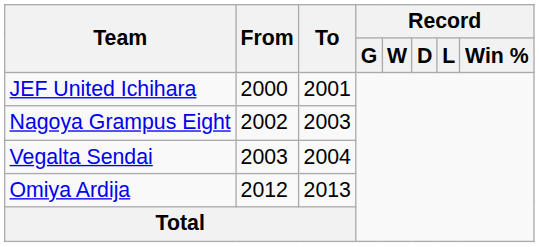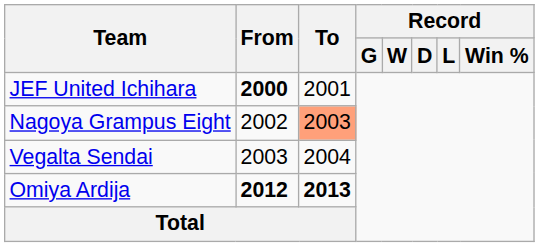 <table class="wikitable" style="text-align: center">
 <tr>
 <th rowspan="2">Team</th>
 <th rowspan="2">From</th>
 <th rowspan="2">To</th>
 <th colspan="5">Record</th>
 </tr>
 <tr>
 <th>G</th>
 <th>W</th>
 <th>D</th>
 <th>L</th>
 <th>Win %</th>
 </tr>
 <tr>
 <td align="left"><a href='#'>JEF United Ichihara</a></td>
-<td align="left">2000</td>
+<td align="left"><strong>2000</strong></td>
 <td align="left">2001<br></td>
 </tr>
 <tr>
 <td align="left"><a href='#'>Nagoya Grampus Eight</a></td>
 <td align="left">2002</td>
-<td align="left">2003<br></td>
+<td align="left" style="background: lightsalmon;">2003<br></td>
 </tr>
 <tr>
 <td align="left"><a href='#'>Vegalta Sendai</a></td>
 <td align="left">2003</td>
 <td align="left">2004<br></td>
 </tr>
 <tr>
 <td align="left"><a href='#'>Omiya Ardija</a></td>
-<td align="left">2012</td>
-<td align="left">2013<br></td>
+<td align="left"><strong>2012</strong></td>
+<td align="left"><strong>2013<br></strong></td>
 </tr>
 <tr>
 <th colspan="3">Total<br></th>
 </tr>
 </table>
